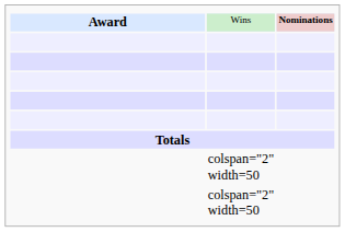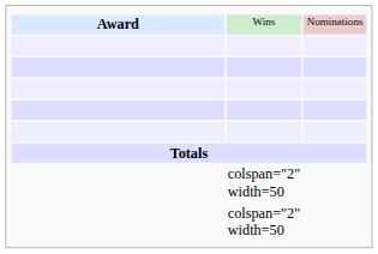 <table class="infobox" style="width: 25em; text-align: left; font-size: 90%; vertical-align: middle;">
 <tr>
 <td colspan="3" style="text-align:center;"></td>
 </tr>
 <tr style="background:#D9E8FF;text-align:center;">
 <th style="vertical-align: middle;">Award</th>
 <td style="background:#cceecc; font-size:8pt;" width="60px">Wins</td>
-<td style="background:#eecccc; font-size:8pt;" width="60px"><strong>Nominations</strong></td>
+<td style="background:#eecccc; font-size:8pt;" width="60px">Nominations</td>
 </tr>
 <tr bgcolor=#eeeeff>
 <td align="center"><br></td>
 <td></td>
 <td></td>
 </tr>
 <tr bgcolor=#ddddff>
 <td align="center"><br></td>
 <td></td>
 <td></td>
 </tr>
 <tr bgcolor=#eeeeff>
 <td align="center"><br></td>
 <td></td>
 <td></td>
 </tr>
 <tr bgcolor=#ddddff>
 <td align="center"><br></td>
 <td></td>
 <td></td>
 </tr>
 <tr bgcolor=#eeeeff>
 <td align="center"><br></td>
 <td></td>
 <td></td>
 </tr>
 <tr bgcolor=#ddddff>
 <td colspan="3" style="text-align:center;"><strong>Totals</strong></td>
 </tr>
 <tr>
 <td></td>
 <td>colspan="2" width=50 </td>
 </tr>
 <tr>
 <td></td>
 <td>colspan="2" width=50 </td>
 </tr>
 <tr>
 </tr>
 </table>
